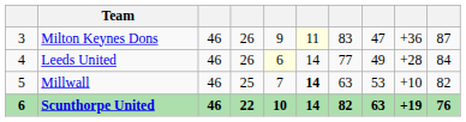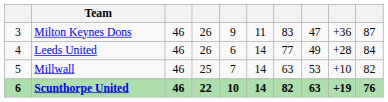 <table class="wikitable" style="text-align:center">
 <tr>
 <th width="30"></th>
 <th width="175">Team</th>
 <th width="30"></th>
 <th width="30"></th>
 <th width="30"></th>
 <th width="30"></th>
 <th width="30"></th>
 <th width="30"></th>
 <th width="30"></th>
 <th width="30"></th>
 </tr>
 <tr>
 <td>3</td>
 <td align=left><a href='#'>Milton Keynes Dons</a></td>
 <td>46</td>
 <td>26</td>
 <td>9</td>
-<td style="background: lightyellow;">11</td>
+<td>11</td>
 <td>83</td>
 <td>47</td>
 <td>+36</td>
 <td>87</td>
 </tr>
 <tr>
 <td>4</td>
 <td align=left><a href='#'>Leeds United</a></td>
 <td>46</td>
 <td>26</td>
-<td style="background: lightyellow;">6</td>
+<td>6</td>
 <td>14</td>
 <td>77</td>
 <td>49</td>
 <td>+28</td>
 <td>84</td>
 </tr>
 <tr>
 <td>5</td>
 <td align=left><a href='#'>Millwall</a></td>
 <td>46</td>
 <td>25</td>
 <td>7</td>
-<td><strong>14</strong></td>
+<td>14</td>
 <td>63</td>
 <td>53</td>
 <td>+10</td>
 <td>82</td>
 </tr>
 <tr bgcolor=#ADDFAD>
 <td><strong>6</strong></td>
 <td align=left><strong><a href='#'>Scunthorpe United</a></strong></td>
 <td><strong>46</strong></td>
 <td><strong>22</strong></td>
 <td><strong>10</strong></td>
 <td><strong>14</strong></td>
 <td><strong>82</strong></td>
 <td><strong>63</strong></td>
 <td><strong>+19</strong></td>
 <td><strong>76</strong></td>
 </tr>
 </table>
